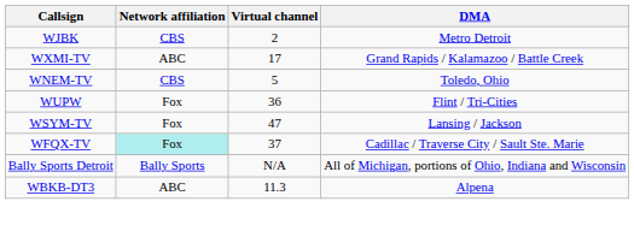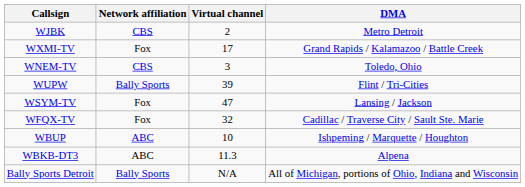 <table class="wikitable" style="font-size: 95%; text-align: center;">
 <tr>
 <th>Callsign</th>
 <th>Network affiliation</th>
 <th>Virtual channel</th>
 <th><a href='#'><span>DMA</span></a></th>
 </tr>
 <tr>
 <td><a href='#'>WJBK</a></td>
 <td><a href='#'>CBS</a></td>
 <td>2</td>
 <td><a href='#'>Metro Detroit</a></td>
 </tr>
 <tr>
 <td><a href='#'>WXMI-TV</a></td>
-<td>ABC</td>
+<td>Fox</td>
 <td>17</td>
 <td><a href='#'>Grand Rapids</a> / <a href='#'>Kalamazoo</a> / <a href='#'>Battle Creek</a></td>
 </tr>
 <tr>
 <td><a href='#'>WNEM-TV</a></td>
 <td><a href='#'>CBS</a></td>
-<td>5</td>
+<td>3</td>
 <td><a href='#'>Toledo, Ohio</a></td>
 </tr>
 <tr>
 <td><a href='#'>WUPW</a></td>
-<td>Fox</td>
-<td>36</td>
+<td><a href='#'>Bally Sports</a></td>
+<td>39</td>
 <td><a href='#'>Flint</a> / <a href='#'>Tri-Cities</a></td>
 </tr>
 <tr>
 <td><a href='#'>WSYM-TV</a></td>
 <td>Fox</td>
 <td>47</td>
 <td><a href='#'>Lansing</a> / <a href='#'>Jackson</a></td>
 </tr>
 <tr>
 <td><a href='#'>WFQX-TV</a></td>
-<td style="background: paleturquoise;">Fox</td>
-<td>37</td>
+<td>Fox</td>
+<td>32</td>
 <td><a href='#'>Cadillac</a> / <a href='#'>Traverse City</a> / <a href='#'>Sault Ste. Marie</a></td>
+</tr>
+<tr>
+<td><a href='#'>WBUP</a></td>
+<td><a href='#'>ABC</a></td>
+<td>10</td>
+<td><a href='#'>Ishpeming</a> / <a href='#'>Marquette</a> / <a href='#'>Houghton</a></td>
+</tr>
+<tr>
+<td><a href='#'>WBKB-DT3</a></td>
+<td>ABC</td>
+<td>11.3</td>
+<td><a href='#'>Alpena</a></td>
 </tr>
 <tr>
 <td><a href='#'>Bally Sports Detroit</a></td>
 <td><a href='#'>Bally Sports</a></td>
 <td>N/A</td>
 <td>All of <a href='#'>Michigan</a>, portions of <a href='#'>Ohio</a>, <a href='#'>Indiana</a> and <a href='#'>Wisconsin</a></td>
 </tr>
-<tr>
-<td><a href='#'>WBKB-DT3</a></td>
-<td>ABC</td>
-<td>11.3</td>
-<td><a href='#'>Alpena</a></td>
-</tr>
 </table>
